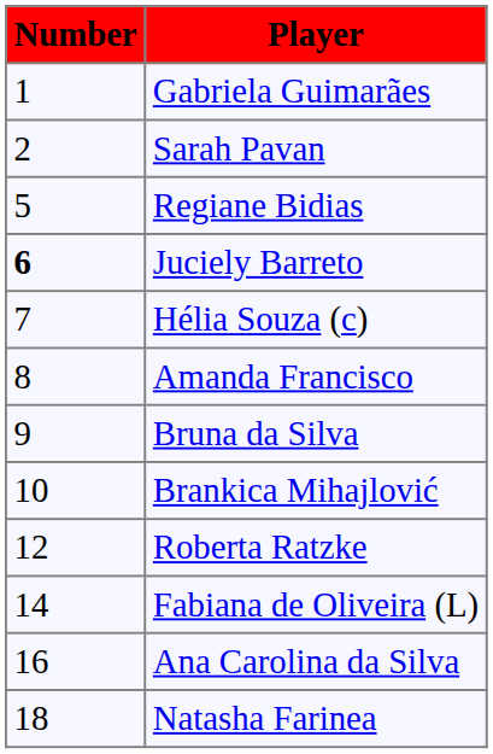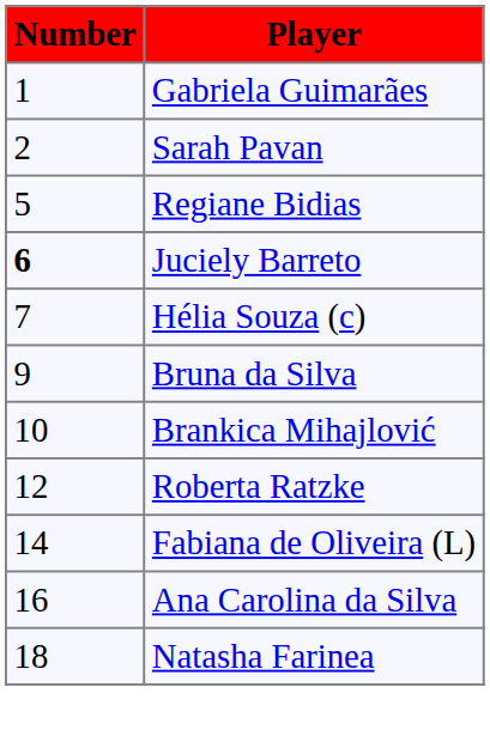 <table bgcolor="#f7f8ff" cellpadding="3" cellspacing="0" border="1" style="font-size: 95%; border: gray solid 1px; border-collapse: collapse;">
 <tr bgcolor="#ff0000">
 <td align=center><strong>Number</strong></td>
 <td align=center><strong>Player</strong></td>
 </tr>
 <tr align="left">
 <td>1</td>
 <td> <a href='#'>Gabriela Guimarães</a></td>
 </tr>
 <tr align=left>
 <td>2</td>
 <td> <a href='#'>Sarah Pavan</a></td>
 </tr>
 <tr align="left">
 <td>5</td>
 <td> <a href='#'>Regiane Bidias</a></td>
 </tr>
 <tr align="left">
 <td><strong>6</strong></td>
 <td> <a href='#'>Juciely Barreto</a></td>
 </tr>
 <tr align="left">
 <td>7</td>
 <td> <a href='#'>Hélia Souza</a> (<a href='#'>c</a>)</td>
 </tr>
 <tr align="left">
-<td>8</td>
-<td> <a href='#'>Amanda Francisco</a></td>
-</tr>
-<tr align="left">
 <td>9</td>
 <td> <a href='#'>Bruna da Silva</a></td>
 </tr>
 <tr align="left">
 <td>10</td>
 <td> <a href='#'>Brankica Mihajlović</a></td>
 </tr>
 <tr align="left">
 <td>12</td>
 <td> <a href='#'>Roberta Ratzke</a></td>
 </tr>
 <tr align="left">
 <td>14</td>
 <td> <a href='#'>Fabiana de Oliveira</a> (L)</td>
 </tr>
 <tr align="left">
 <td>16</td>
 <td> <a href='#'>Ana Carolina da Silva</a></td>
 </tr>
 <tr align="left">
 <td>18</td>
 <td> <a href='#'>Natasha Farinea</a></td>
 </tr>
 </table>
